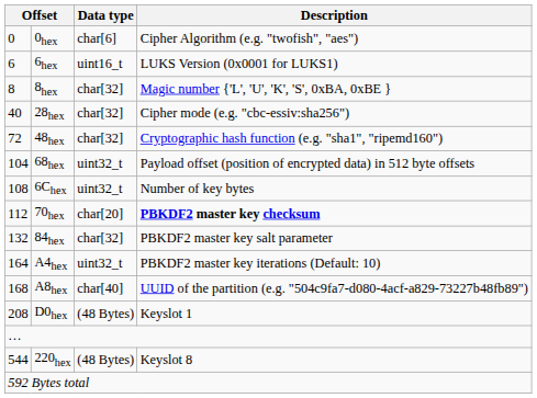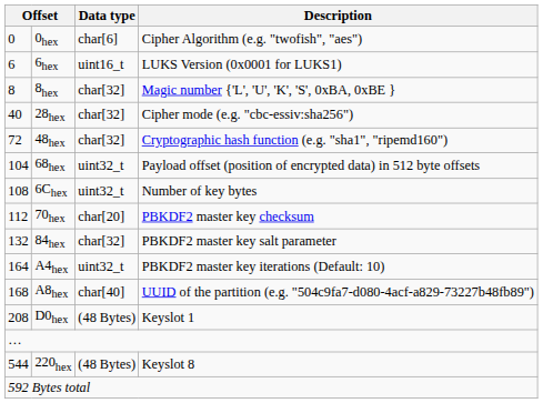 <table class="wikitable">
 <tr>
 <th colspan="2">Offset</th>
 <th>Data type</th>
 <th>Description</th>
 </tr>
 <tr>
 <td>0</td>
 <td>0<sub>hex</sub></td>
 <td>char[6]</td>
 <td>Cipher Algorithm (e.g. "twofish", "aes")</td>
 </tr>
 <tr>
 <td>6</td>
 <td>6<sub>hex</sub></td>
 <td>uint16_t</td>
 <td>LUKS Version (0x0001 for LUKS1)</td>
 </tr>
 <tr>
 <td>8</td>
 <td>8<sub>hex</sub></td>
 <td>char[32]</td>
 <td><a href='#'>Magic number</a> {'L', 'U', 'K', 'S', 0xBA, 0xBE }</td>
 </tr>
 <tr>
 <td>40</td>
 <td>28<sub>hex</sub></td>
 <td>char[32]</td>
 <td>Cipher mode (e.g. "cbc-essiv:sha256")</td>
 </tr>
 <tr>
 <td>72</td>
 <td>48<sub>hex</sub></td>
 <td>char[32]</td>
 <td><a href='#'>Cryptographic hash function</a> (e.g. "sha1", "ripemd160")</td>
 </tr>
 <tr>
 <td>104</td>
 <td>68<sub>hex</sub></td>
 <td>uint32_t</td>
 <td>Payload offset (position of encrypted data) in 512 byte offsets</td>
 </tr>
 <tr>
 <td>108</td>
 <td>6C<sub>hex</sub></td>
 <td>uint32_t</td>
 <td>Number of key bytes</td>
 </tr>
 <tr>
 <td>112</td>
 <td>70<sub>hex</sub></td>
 <td>char[20]</td>
-<td><strong><a href='#'>PBKDF2</a> master key <a href='#'>checksum</a></strong></td>
+<td><a href='#'>PBKDF2</a> master key <a href='#'>checksum</a></td>
 </tr>
 <tr>
 <td>132</td>
 <td>84<sub>hex</sub></td>
 <td>char[32]</td>
 <td>PBKDF2 master key salt parameter</td>
 </tr>
 <tr>
 <td>164</td>
 <td>A4<sub>hex</sub></td>
 <td>uint32_t</td>
 <td>PBKDF2 master key iterations (Default: 10)</td>
 </tr>
 <tr>
 <td>168</td>
 <td>A8<sub>hex</sub></td>
 <td>char[40]</td>
 <td><a href='#'>UUID</a> of the partition (e.g. "504c9fa7-d080-4acf-a829-73227b48fb89")</td>
 </tr>
 <tr>
 <td>208</td>
 <td>D0<sub>hex</sub></td>
 <td>(48 Bytes)</td>
 <td>Keyslot 1</td>
 </tr>
 <tr>
 <td colspan="4">…</td>
 </tr>
 <tr>
 <td>544</td>
 <td>220<sub>hex</sub></td>
 <td>(48 Bytes)</td>
 <td>Keyslot 8</td>
 </tr>
 <tr>
 <td colspan="4"><em>592 Bytes total</em></td>
 </tr>
 </table>
